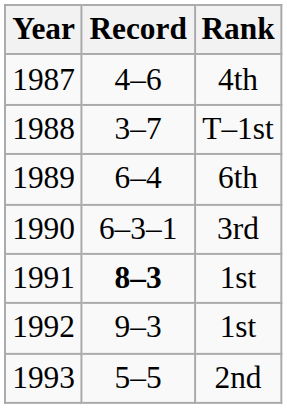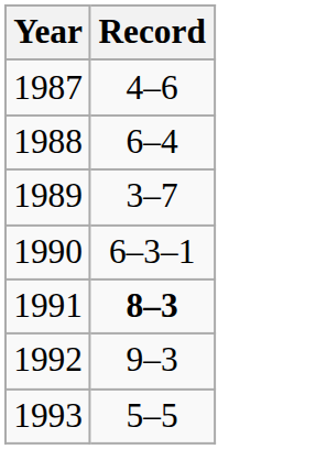 <table class="wikitable" style="text-align:center">
 <tr>
 <th>Year</th>
 <th>Record</th>
-<th>Rank</th>
 </tr>
 <tr>
 <td>1987</td>
 <td>4–6</td>
-<td>4th</td>
 </tr>
 <tr>
 <td>1988</td>
-<td>3–7</td>
-<td>T–1st</td>
+<td>6–4</td>
 </tr>
 <tr>
 <td>1989</td>
-<td>6–4</td>
-<td>6th</td>
+<td>3–7</td>
 </tr>
 <tr>
 <td>1990</td>
 <td>6–3–1</td>
-<td>3rd</td>
 </tr>
 <tr>
 <td>1991</td>
 <td><strong>8–3</strong></td>
-<td>1st</td>
 </tr>
 <tr>
 <td>1992</td>
 <td>9–3</td>
-<td>1st</td>
 </tr>
 <tr>
 <td>1993</td>
 <td>5–5</td>
-<td>2nd</td>
 </tr>
 </table>
